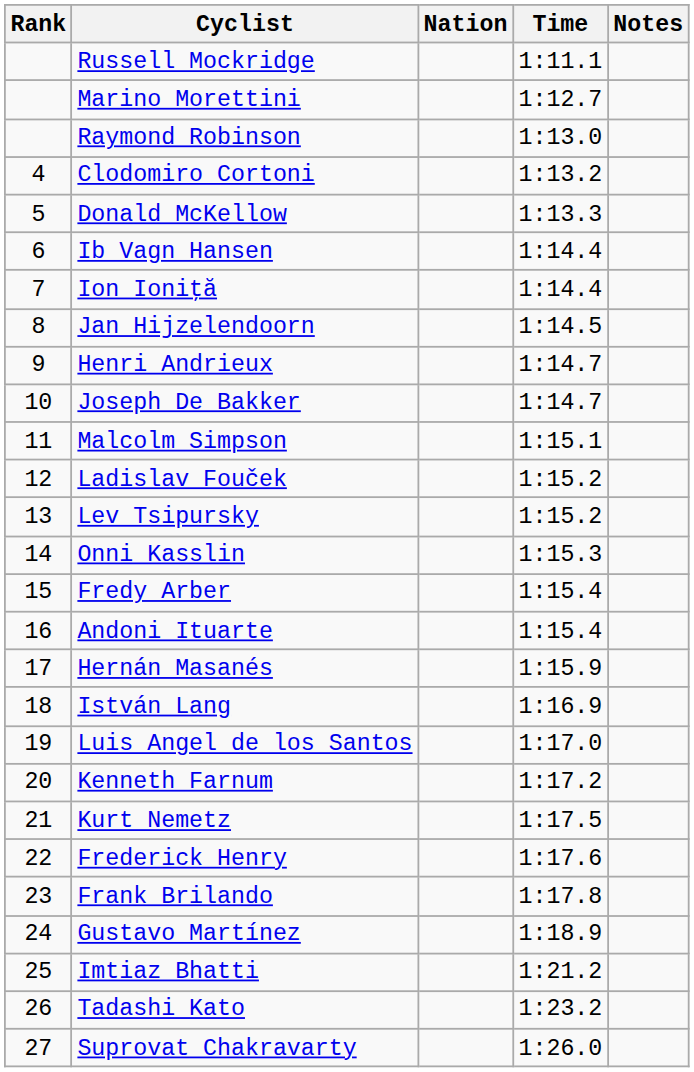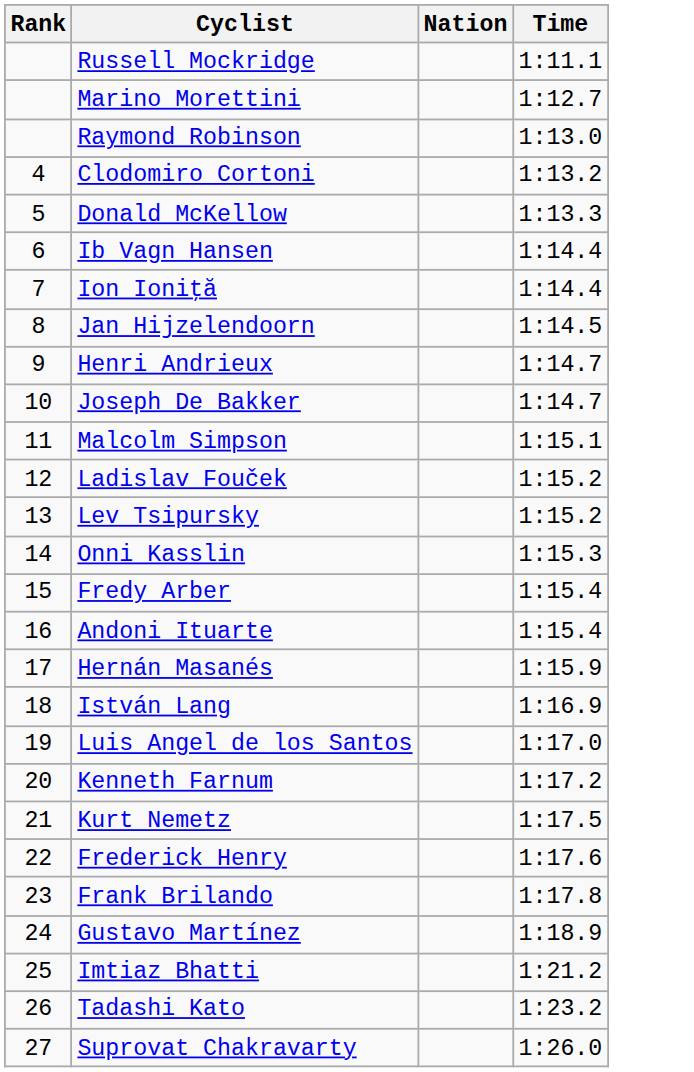 <table class="wikitable sortable" style="text-align:center">
 <tr>
 <th>Rank</th>
 <th>Cyclist</th>
 <th>Nation</th>
 <th>Time</th>
-<th>Notes</th>
 </tr>
 <tr>
 <td></td>
 <td align=left><a href='#'>Russell Mockridge</a></td>
 <td align=left></td>
 <td>1:11.1</td>
-<td></td>
 </tr>
 <tr>
 <td></td>
 <td align=left><a href='#'>Marino Morettini</a></td>
 <td align=left></td>
 <td>1:12.7</td>
-<td></td>
 </tr>
 <tr>
 <td></td>
 <td align=left><a href='#'>Raymond Robinson</a></td>
 <td align=left></td>
 <td>1:13.0</td>
-<td></td>
 </tr>
 <tr>
 <td>4</td>
 <td align=left><a href='#'>Clodomiro Cortoni</a></td>
 <td align=left></td>
 <td>1:13.2</td>
-<td></td>
 </tr>
 <tr>
 <td>5</td>
 <td align=left><a href='#'>Donald McKellow</a></td>
 <td align=left></td>
 <td>1:13.3</td>
-<td></td>
 </tr>
 <tr>
 <td>6</td>
 <td align=left><a href='#'>Ib Vagn Hansen</a></td>
 <td align=left></td>
 <td>1:14.4</td>
-<td></td>
 </tr>
 <tr>
 <td>7</td>
 <td align=left><a href='#'>Ion Ioniţă</a></td>
 <td align=left></td>
 <td>1:14.4</td>
-<td></td>
 </tr>
 <tr>
 <td>8</td>
 <td align=left><a href='#'>Jan Hijzelendoorn</a></td>
 <td align=left></td>
 <td>1:14.5</td>
-<td></td>
 </tr>
 <tr>
 <td>9</td>
 <td align=left><a href='#'>Henri Andrieux</a></td>
 <td align=left></td>
 <td>1:14.7</td>
-<td></td>
 </tr>
 <tr>
 <td>10</td>
 <td align=left><a href='#'>Joseph De Bakker</a></td>
 <td align=left></td>
 <td>1:14.7</td>
-<td></td>
 </tr>
 <tr>
 <td>11</td>
 <td align=left><a href='#'>Malcolm Simpson</a></td>
 <td align=left></td>
 <td>1:15.1</td>
-<td></td>
 </tr>
 <tr>
 <td>12</td>
 <td align=left><a href='#'>Ladislav Fouček</a></td>
 <td align=left></td>
 <td>1:15.2</td>
-<td></td>
 </tr>
 <tr>
 <td>13</td>
 <td align=left><a href='#'>Lev Tsipursky</a></td>
 <td align=left></td>
 <td>1:15.2</td>
-<td></td>
 </tr>
 <tr>
 <td>14</td>
 <td align=left><a href='#'>Onni Kasslin</a></td>
 <td align=left></td>
 <td>1:15.3</td>
-<td></td>
 </tr>
 <tr>
 <td>15</td>
 <td align=left><a href='#'>Fredy Arber</a></td>
 <td align=left></td>
 <td>1:15.4</td>
-<td></td>
 </tr>
 <tr>
 <td>16</td>
 <td align=left><a href='#'>Andoni Ituarte</a></td>
 <td align=left></td>
 <td>1:15.4</td>
-<td></td>
 </tr>
 <tr>
 <td>17</td>
 <td align=left><a href='#'>Hernán Masanés</a></td>
 <td align=left></td>
 <td>1:15.9</td>
-<td></td>
 </tr>
 <tr>
 <td>18</td>
 <td align=left><a href='#'>István Lang</a></td>
 <td align=left></td>
 <td>1:16.9</td>
-<td></td>
 </tr>
 <tr>
 <td>19</td>
 <td align=left><a href='#'>Luis Angel de los Santos</a></td>
 <td align=left></td>
 <td>1:17.0</td>
-<td></td>
 </tr>
 <tr>
 <td>20</td>
 <td align=left><a href='#'>Kenneth Farnum</a></td>
 <td align=left></td>
 <td>1:17.2</td>
-<td></td>
 </tr>
 <tr>
 <td>21</td>
 <td align=left><a href='#'>Kurt Nemetz</a></td>
 <td align=left></td>
 <td>1:17.5</td>
-<td></td>
 </tr>
 <tr>
 <td>22</td>
 <td align=left><a href='#'>Frederick Henry</a></td>
 <td align=left></td>
 <td>1:17.6</td>
-<td></td>
 </tr>
 <tr>
 <td>23</td>
 <td align=left><a href='#'>Frank Brilando</a></td>
 <td align=left></td>
 <td>1:17.8</td>
-<td></td>
 </tr>
 <tr>
 <td>24</td>
 <td align=left><a href='#'>Gustavo Martínez</a></td>
 <td align=left></td>
 <td>1:18.9</td>
-<td></td>
 </tr>
 <tr>
 <td>25</td>
 <td align=left><a href='#'>Imtiaz Bhatti</a></td>
 <td align=left></td>
 <td>1:21.2</td>
-<td></td>
 </tr>
 <tr>
 <td>26</td>
 <td align=left><a href='#'>Tadashi Kato</a></td>
 <td align=left></td>
 <td>1:23.2</td>
-<td></td>
 </tr>
 <tr>
 <td>27</td>
 <td align=left><a href='#'>Suprovat Chakravarty</a></td>
 <td align=left></td>
 <td>1:26.0</td>
-<td></td>
 </tr>
 </table>
